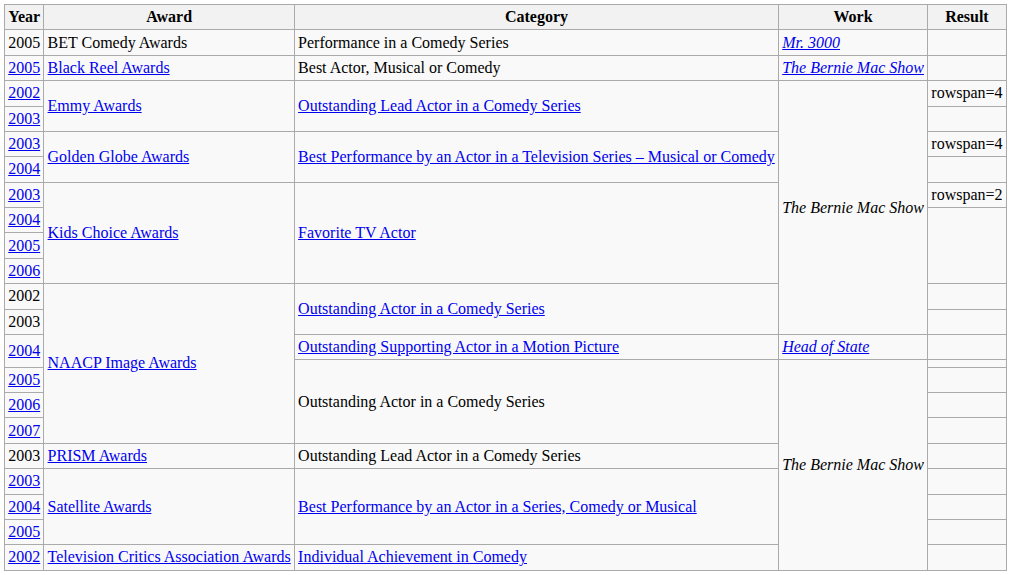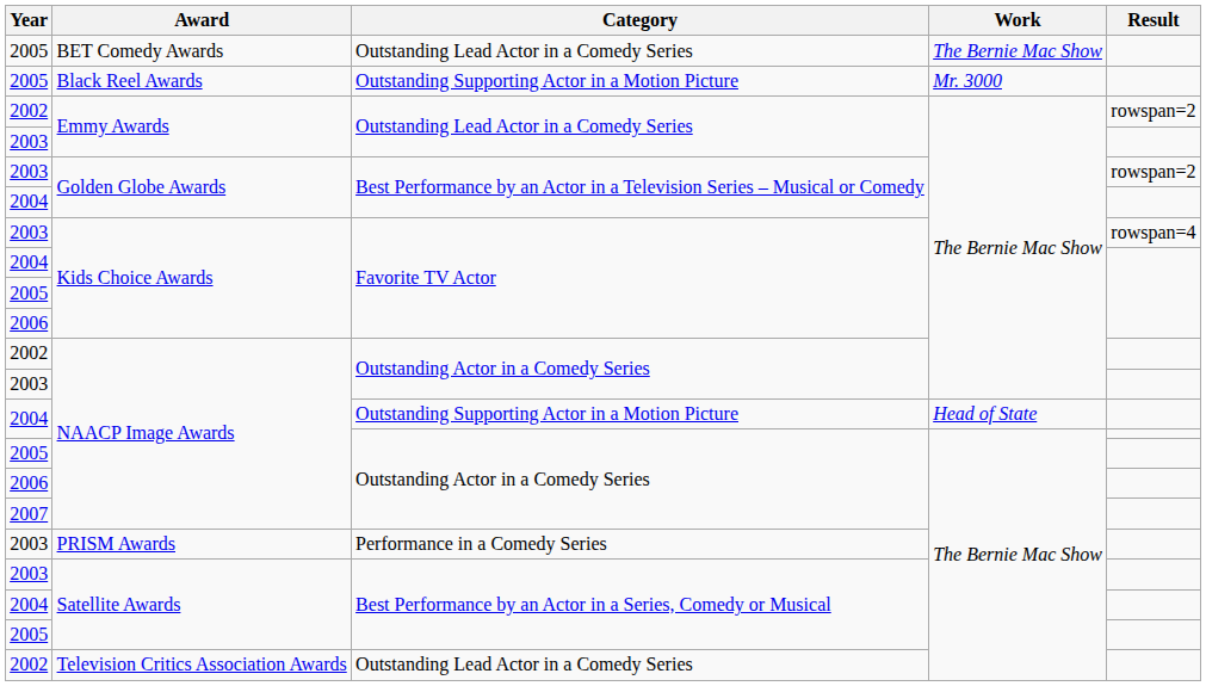 <table class = "wikitable sortable">
 <tr>
 <th>Year</th>
 <th>Award</th>
 <th>Category</th>
 <th>Work</th>
 <th>Result</th>
 </tr>
 <tr>
 <td>2005</td>
 <td>BET Comedy Awards</td>
-<td>Performance in a Comedy Series</td>
-<td><em><a href='#'>Mr. 3000</a></em></td>
+<td>Outstanding Lead Actor in a Comedy Series</td>
+<td><em><a href='#'>The Bernie Mac Show</a></em></td>
 <td></td>
 </tr>
 <tr>
 <td><a href='#'>2005</a></td>
 <td><a href='#'>Black Reel Awards</a></td>
-<td>Best Actor, Musical or Comedy</td>
-<td><em><a href='#'>The Bernie Mac Show</a></em></td>
+<td><a href='#'>Outstanding Supporting Actor in a Motion Picture</a></td>
+<td><em><a href='#'>Mr. 3000</a></em></td>
 <td></td>
 </tr>
 <tr>
 <td><a href='#'>2002</a></td>
 <td rowspan=2><a href='#'>Emmy Awards</a></td>
 <td rowspan=2><a href='#'>Outstanding Lead Actor in a Comedy Series</a></td>
 <td rowspan=10><em>The Bernie Mac Show</em></td>
-<td>rowspan=4 </td>
+<td>rowspan=2 </td>
 </tr>
 <tr>
 <td><a href='#'>2003</a></td>
 </tr>
 <tr>
 <td><a href='#'>2003</a></td>
 <td rowspan=2><a href='#'>Golden Globe Awards</a></td>
 <td rowspan=2><a href='#'>Best Performance by an Actor in a Television Series – Musical or Comedy</a></td>
-<td>rowspan=4 </td>
+<td>rowspan=2 </td>
 </tr>
 <tr>
 <td><a href='#'>2004</a></td>
 </tr>
 <tr>
 <td><a href='#'>2003</a></td>
 <td rowspan=4><a href='#'>Kids Choice Awards</a></td>
 <td rowspan=4><a href='#'>Favorite TV Actor</a></td>
-<td>rowspan=2 </td>
+<td>rowspan=4 </td>
 </tr>
 <tr>
 <td><a href='#'>2004</a></td>
 </tr>
 <tr>
 <td><a href='#'>2005</a></td>
 </tr>
 <tr>
 <td><a href='#'>2006</a></td>
 </tr>
 <tr>
 <td>2002</td>
 <td rowspan=7><a href='#'>NAACP Image Awards</a></td>
 <td rowspan=2><a href='#'>Outstanding Actor in a Comedy Series</a></td>
 <td></td>
 </tr>
 <tr>
 <td>2003</td>
 <td></td>
 </tr>
 <tr>
 <td rowspan=2><a href='#'>2004</a></td>
 <td><a href='#'>Outstanding Supporting Actor in a Motion Picture</a></td>
 <td><em><a href='#'>Head of State</a></em></td>
 <td></td>
 </tr>
 <tr>
 <td rowspan=4>Outstanding Actor in a Comedy Series</td>
 <td rowspan=9><em>The Bernie Mac Show</em></td>
 <td></td>
 </tr>
 <tr>
 <td><a href='#'>2005</a></td>
 <td></td>
 </tr>
 <tr>
 <td><a href='#'>2006</a></td>
 <td></td>
 </tr>
 <tr>
 <td><a href='#'>2007</a></td>
 <td></td>
 </tr>
 <tr>
 <td>2003</td>
 <td><a href='#'>PRISM Awards</a></td>
-<td>Outstanding Lead Actor in a Comedy Series</td>
+<td>Performance in a Comedy Series</td>
 <td></td>
 </tr>
 <tr>
 <td><a href='#'>2003</a></td>
 <td rowspan=3><a href='#'>Satellite Awards</a></td>
 <td rowspan=3><a href='#'>Best Performance by an Actor in a Series, Comedy or Musical</a></td>
 <td></td>
 </tr>
 <tr>
 <td><a href='#'>2004</a></td>
 <td></td>
 </tr>
 <tr>
 <td><a href='#'>2005</a></td>
 <td></td>
 </tr>
 <tr>
 <td><a href='#'>2002</a></td>
 <td><a href='#'>Television Critics Association Awards</a></td>
-<td><a href='#'>Individual Achievement in Comedy</a></td>
+<td>Outstanding Lead Actor in a Comedy Series</td>
 <td></td>
 </tr>
 </table>
